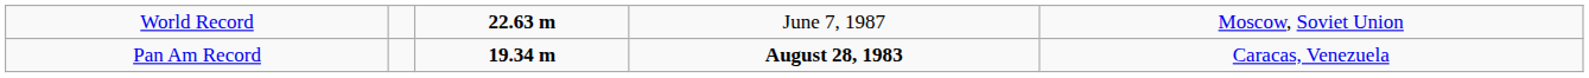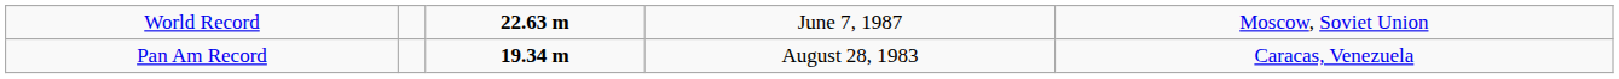 <table class="wikitable" style=" text-align:center; font-size:95%;" width="75%">
 <tr>
 <td><a href='#'>World Record</a></td>
 <td></td>
 <td><strong>22.63 m </strong></td>
 <td>June 7, 1987</td>
 <td> <a href='#'>Moscow</a>, <a href='#'>Soviet Union</a></td>
 </tr>
 <tr>
 <td><a href='#'>Pan Am Record</a></td>
 <td></td>
 <td><strong>19.34 m </strong></td>
-<td><strong>August 28, 1983</strong></td>
+<td>August 28, 1983</td>
 <td> <a href='#'>Caracas, Venezuela</a></td>
 </tr>
 </table>
